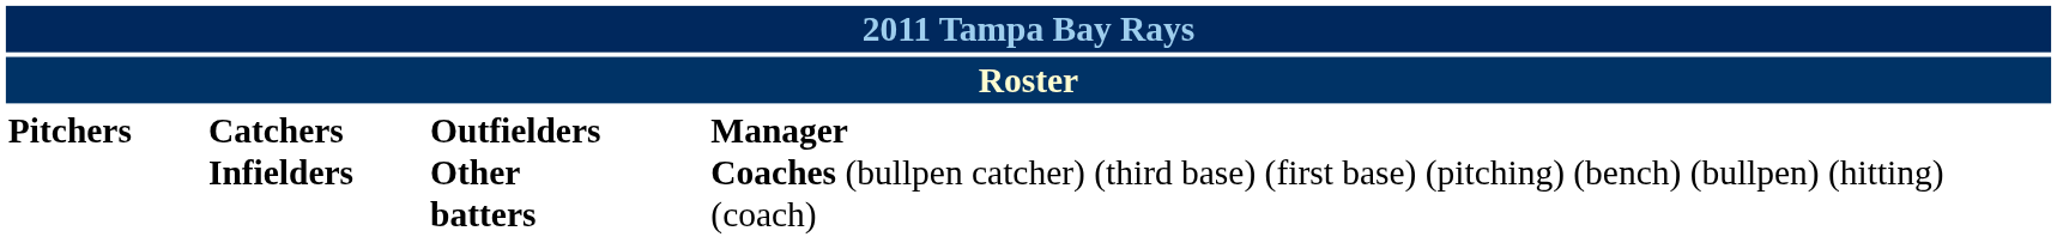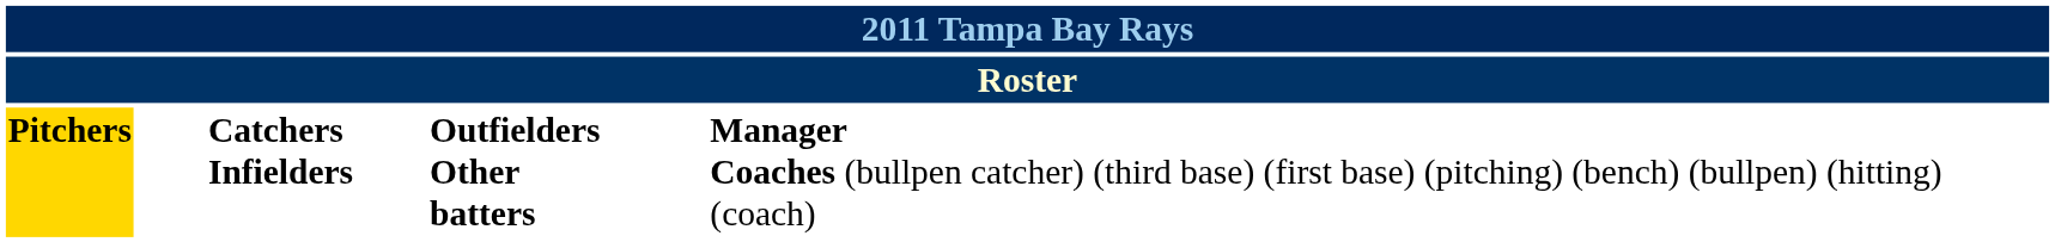 <table class="toccolours" style="font-size: 95%;">
 <tr>
 <th colspan="10" style="background:#00285d; color:#9eceee; text-align:center;">2011 Tampa Bay Rays</th>
 </tr>
 <tr>
 <td colspan="10" style="background:#036; color:#fffdd0; text-align:center;"><strong>Roster</strong></td>
 </tr>
 <tr>
-<td valign="top"><strong>Pitchers</strong><br>                    </td>
+<td valign="top" style="background: gold;"><strong>Pitchers</strong><br>                    </td>
 <td style="width:25px;"></td>
 <td valign="top"><strong>Catchers</strong><br>    <strong>Infielders</strong>        </td>
 <td style="width:25px;"></td>
 <td valign="top"><strong>Outfielders</strong><br>       <strong>Other batters</strong>  </td>
 <td style="width:25px;"></td>
 <td valign="top"><strong>Manager</strong><br> <strong>Coaches</strong>   (bullpen catcher)  (third base)  (first base)  (pitching)  (bench)  (bullpen)  (hitting)  (coach)</td>
 </tr>
 </table>
